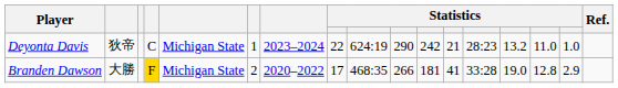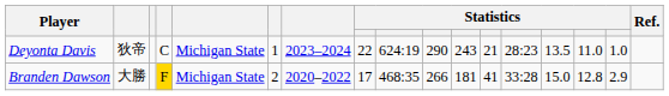 <table class="wikitable sortable" style="font-size:95%; text-align:right;">
 <tr>
 <th rowspan="2">Player</th>
 <th rowspan="2"></th>
 <th rowspan="2"></th>
 <th rowspan="2"></th>
 <th rowspan="2"></th>
 <th rowspan="2"></th>
 <th rowspan="2"></th>
 <th colspan="9">Statistics</th>
 <th rowspan="2">Ref.</th>
 </tr>
 <tr>
 <th></th>
 <th></th>
 <th></th>
 <th></th>
 <th></th>
 <th></th>
 <th></th>
 <th></th>
 <th></th>
 </tr>
 <tr>
 <td align="left"><em><a href='#'>Deyonta Davis</a></em></td>
 <td align="left">狄帝</td>
 <td align="center"></td>
 <td align="center">C</td>
 <td align="left"><a href='#'>Michigan State</a></td>
 <td align="center">1</td>
 <td align="center"><a href='#'>2023–2024</a></td>
 <td>22</td>
 <td>624:19</td>
 <td>290</td>
-<td>242</td>
+<td>243</td>
 <td>21</td>
 <td>28:23</td>
-<td>13.2</td>
+<td>13.5</td>
 <td>11.0</td>
 <td>1.0</td>
 <td align="center"></td>
 </tr>
 <tr>
 <td align="left"><em><a href='#'>Branden Dawson</a></em></td>
 <td align="left">大勝</td>
 <td align="center"></td>
 <td align="center" style="background: gold;">F</td>
 <td align="left"><a href='#'>Michigan State</a></td>
 <td align="center">2</td>
 <td align="center"><a href='#'>2020</a>–<a href='#'>2022</a></td>
 <td>17</td>
 <td>468:35</td>
 <td>266</td>
 <td>181</td>
 <td>41</td>
 <td>33:28</td>
-<td>19.0</td>
+<td>15.0</td>
 <td>12.8</td>
 <td>2.9</td>
 <td align="center"></td>
 </tr>
 </table>
